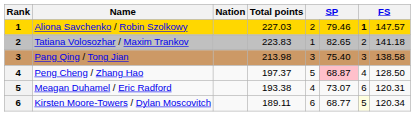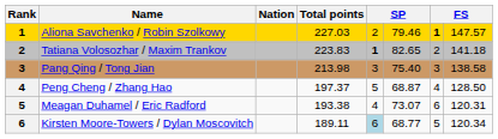 <table class="wikitable sortable">
 <tr>
 <th>Rank</th>
 <th>Name</th>
 <th>Nation</th>
 <th>Total points</th>
 <th colspan="2" width="80px"><a href='#'>SP</a></th>
 <th colspan="2" width="80px"><a href='#'>FS</a></th>
 </tr>
 <tr bgcolor="gold">
 <td align="center"><strong>1</strong></td>
 <td><a href='#'>Aliona Savchenko</a> / <a href='#'>Robin Szolkowy</a></td>
 <td></td>
 <td align="center">227.03</td>
 <td align="center">2</td>
 <td align="center">79.46</td>
 <td align="center"><strong>1</strong></td>
 <td align="center">147.57</td>
 </tr>
 <tr bgcolor="silver">
 <td align="center"><strong>2</strong></td>
 <td><a href='#'>Tatiana Volosozhar</a> / <a href='#'>Maxim Trankov</a></td>
 <td></td>
 <td align="center">223.83</td>
-<td align="center">1</td>
+<td align="center"><strong>1</strong></td>
 <td align="center">82.65</td>
 <td align="center">2</td>
 <td align="center">141.18</td>
 </tr>
 <tr bgcolor="cc9966">
 <td align="center"><strong>3</strong></td>
 <td><a href='#'>Pang Qing</a> / <a href='#'>Tong Jian</a></td>
 <td></td>
 <td align="center">213.98</td>
 <td align="center">3</td>
 <td align="center">75.40</td>
 <td align="center">3</td>
 <td align="center">138.58</td>
 </tr>
 <tr>
 <th>4</th>
 <td><a href='#'>Peng Cheng</a> / <a href='#'>Zhang Hao</a></td>
 <td></td>
 <td align="center">197.37</td>
 <td align="center">5</td>
-<td align="center" style="background: pink;">68.87</td>
+<td align="center">68.87</td>
 <td align="center">4</td>
 <td align="center">128.50</td>
 </tr>
 <tr>
 <th>5</th>
 <td><a href='#'>Meagan Duhamel</a> / <a href='#'>Eric Radford</a></td>
 <td></td>
 <td align="center">193.38</td>
 <td align="center">4</td>
 <td align="center">73.07</td>
 <td align="center">6</td>
 <td align="center">120.31</td>
 </tr>
 <tr>
 <th>6</th>
 <td><a href='#'>Kirsten Moore-Towers</a> / <a href='#'>Dylan Moscovitch</a></td>
 <td></td>
 <td align="center">189.11</td>
-<td align="center">6</td>
+<td align="center" style="background: lightblue;">6</td>
 <td align="center">68.77</td>
-<td align="center" style="background: lightyellow;">5</td>
+<td align="center">5</td>
 <td align="center">120.34</td>
 </tr>
 </table>
